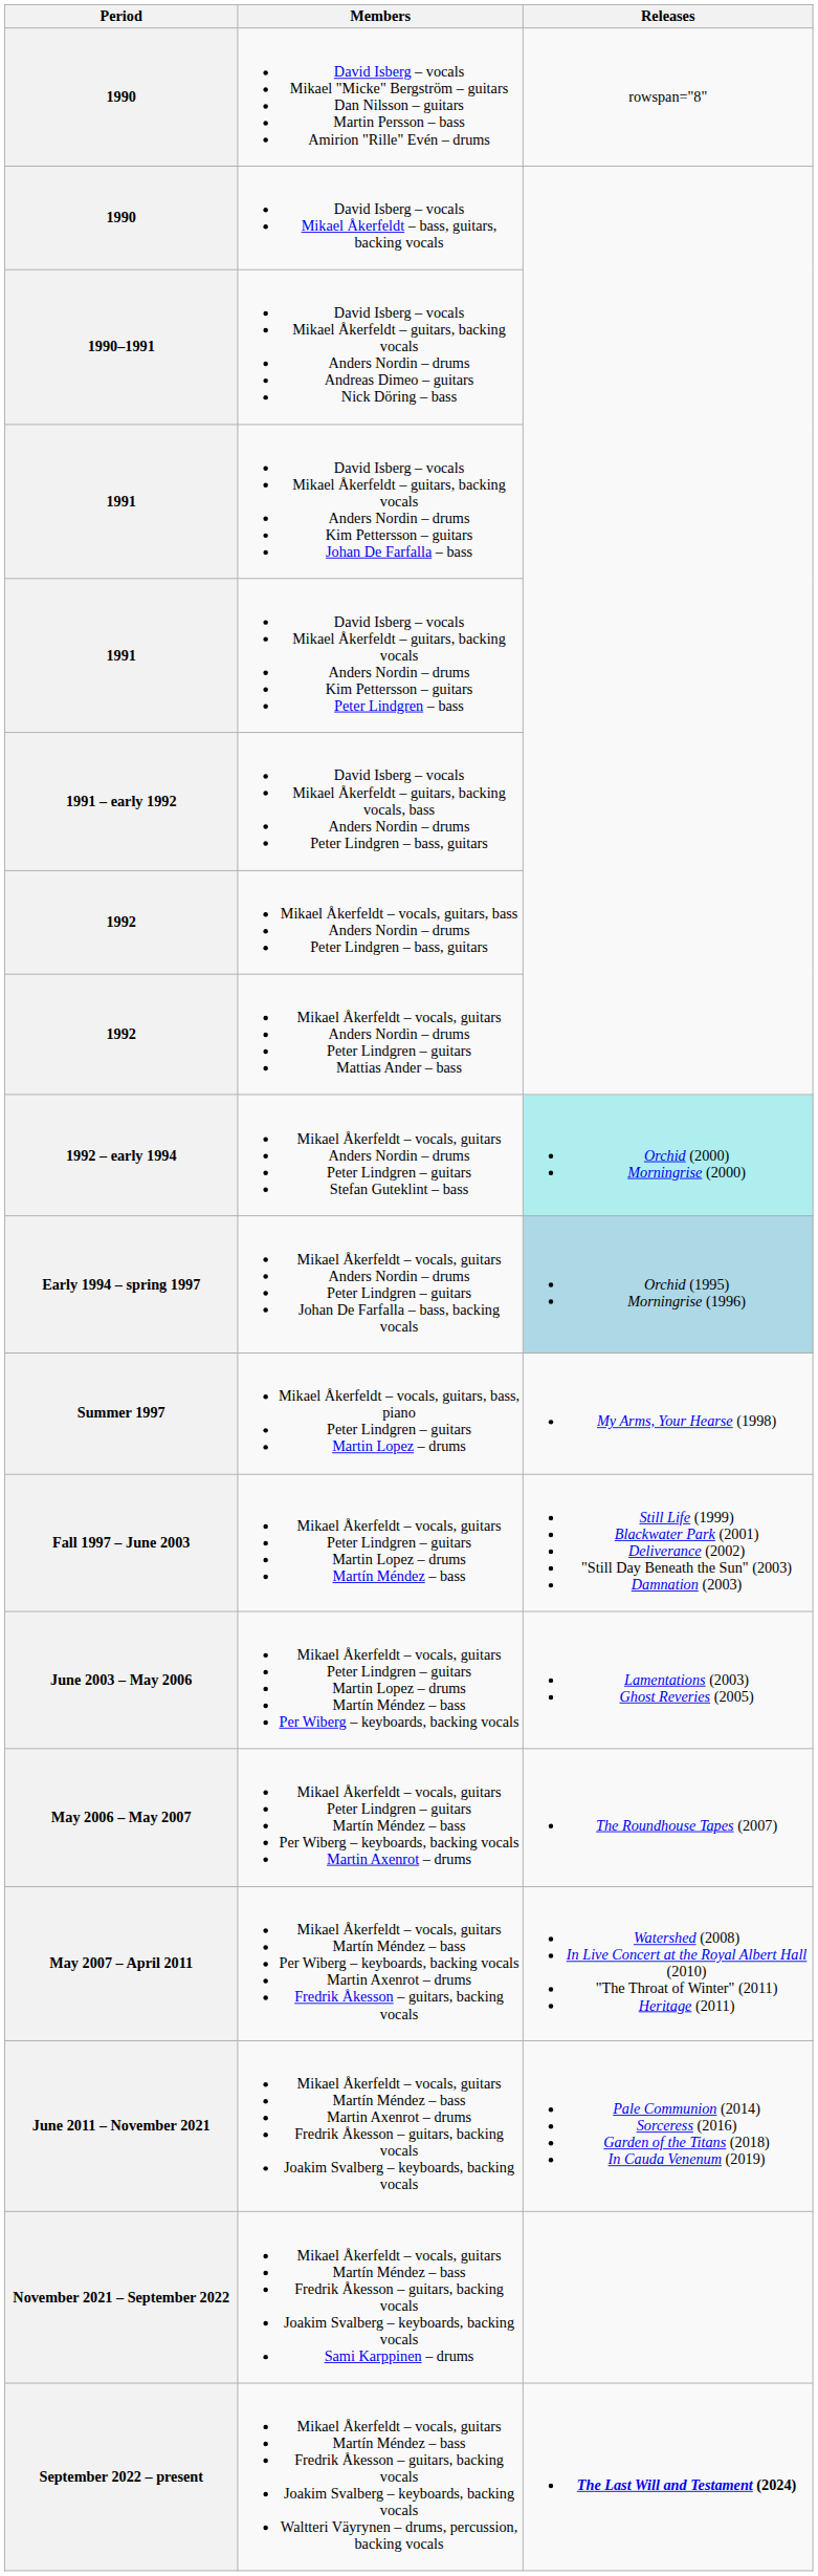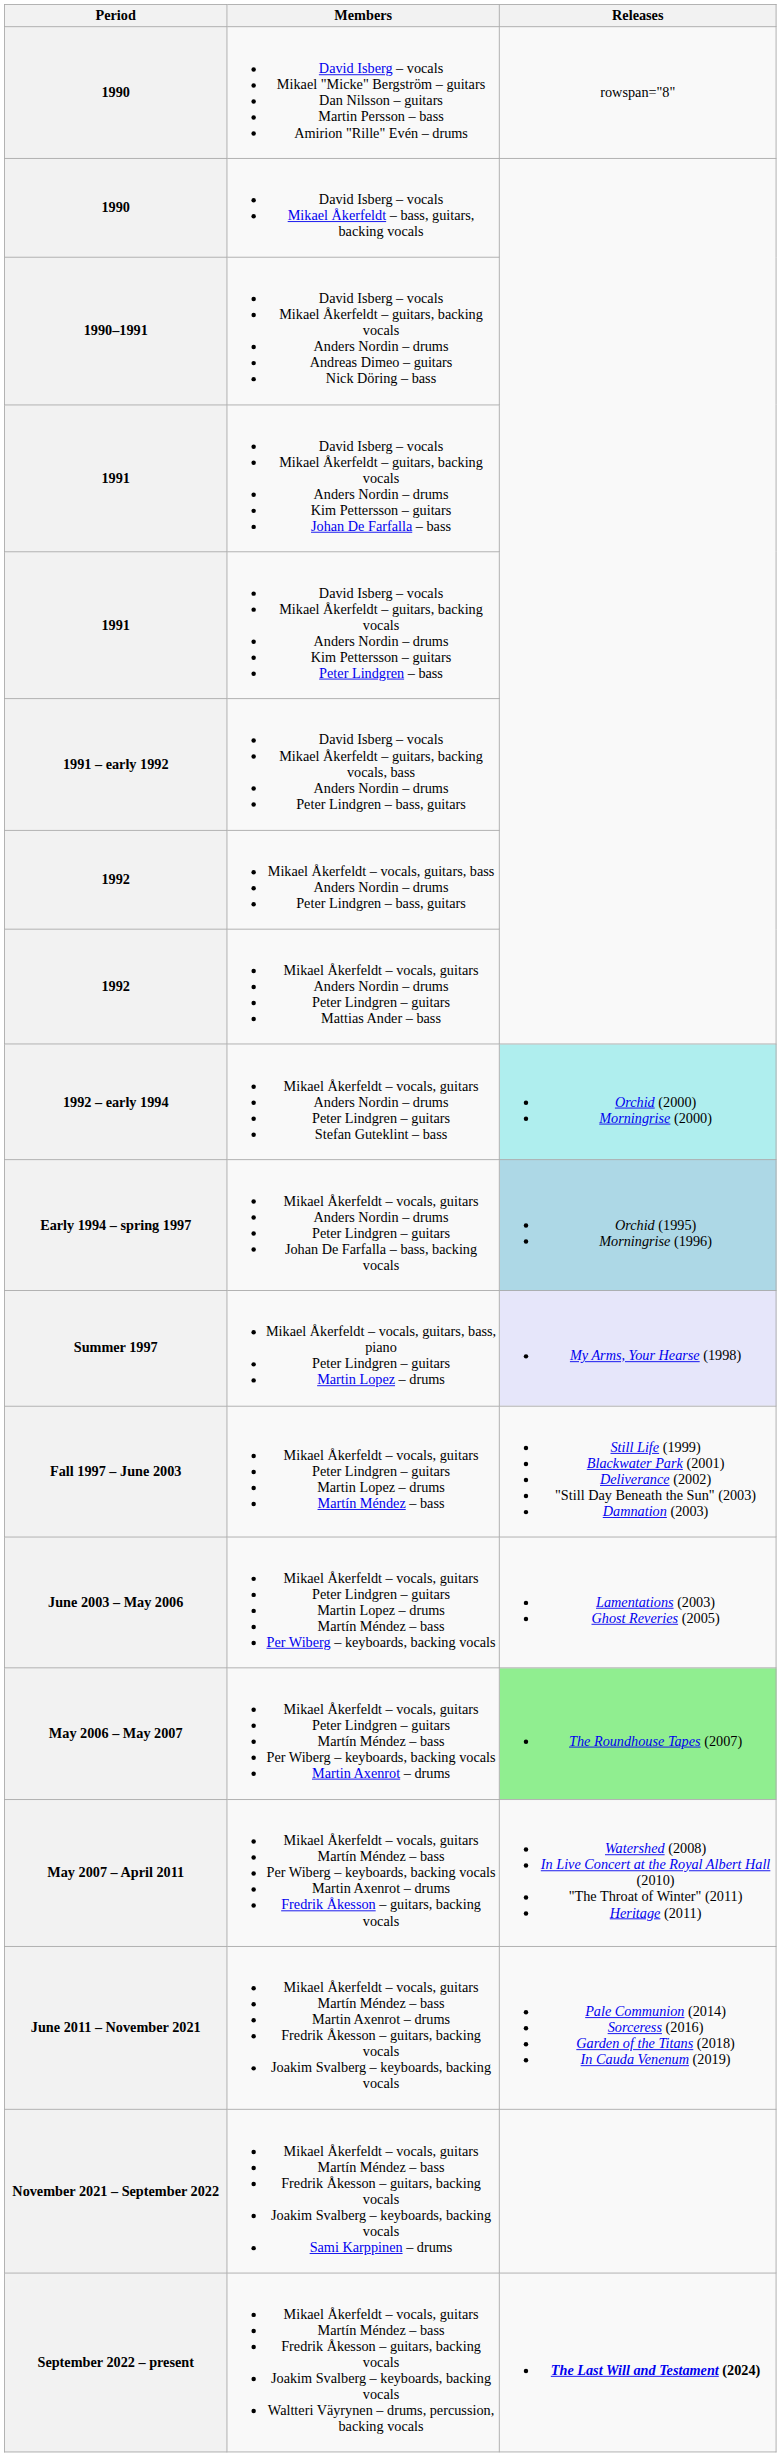 <table class="wikitable plainrowheaders" style="text-align:center;">
 <tr>
 <th scope="col" style="width:20em;">Period</th>
 <th scope="col" style="width:24em;">Members</th>
 <th scope="col" style="width:24em;">Releases</th>
 </tr>
 <tr>
 <th scope="col">1990</th>
 <td><br><ul><li><a href='#'>David Isberg</a> – vocals</li><li>Mikael "Micke" Bergström – guitars</li><li>Dan Nilsson – guitars</li><li>Martin Persson – bass</li><li>Amirion "Rille" Evén – drums</li></ul></td>
 <td>rowspan="8" </td>
 </tr>
 <tr>
 <th scope="col">1990</th>
 <td><br><ul><li>David Isberg – vocals</li><li><a href='#'>Mikael Åkerfeldt</a> – bass, guitars, backing vocals</li></ul></td>
 </tr>
 <tr>
 <th scope="col">1990–1991</th>
 <td><br><ul><li>David Isberg – vocals</li><li>Mikael Åkerfeldt – guitars, backing vocals</li><li>Anders Nordin – drums</li><li>Andreas Dimeo – guitars</li><li>Nick Döring – bass</li></ul></td>
 </tr>
 <tr>
 <th scope="col">1991</th>
 <td><br><ul><li>David Isberg – vocals</li><li>Mikael Åkerfeldt – guitars, backing vocals</li><li>Anders Nordin – drums</li><li>Kim Pettersson – guitars</li><li><a href='#'>Johan De Farfalla</a> – bass</li></ul></td>
 </tr>
 <tr>
 <th scope="col">1991</th>
 <td><br><ul><li>David Isberg – vocals</li><li>Mikael Åkerfeldt – guitars, backing vocals</li><li>Anders Nordin – drums</li><li>Kim Pettersson – guitars</li><li><a href='#'>Peter Lindgren</a> – bass</li></ul></td>
 </tr>
 <tr>
 <th scope="col">1991 – early 1992</th>
 <td><br><ul><li>David Isberg – vocals</li><li>Mikael Åkerfeldt – guitars, backing vocals, bass</li><li>Anders Nordin – drums</li><li>Peter Lindgren – bass, guitars</li></ul></td>
 </tr>
 <tr>
 <th scope="col">1992</th>
 <td><br><ul><li>Mikael Åkerfeldt – vocals, guitars, bass</li><li>Anders Nordin – drums</li><li>Peter Lindgren – bass, guitars</li></ul></td>
 </tr>
 <tr>
 <th scope="col">1992</th>
 <td><br><ul><li>Mikael Åkerfeldt – vocals, guitars</li><li>Anders Nordin – drums</li><li>Peter Lindgren – guitars</li><li>Mattias Ander – bass</li></ul></td>
 </tr>
 <tr>
 <th scope="col">1992 – early 1994</th>
 <td><br><ul><li>Mikael Åkerfeldt – vocals, guitars</li><li>Anders Nordin – drums</li><li>Peter Lindgren – guitars</li><li>Stefan Guteklint – bass</li></ul></td>
 <td style="background: paleturquoise;"><br><ul><li><em><a href='#'>Orchid</a></em> (2000) </li><li><em><a href='#'>Morningrise</a></em> (2000) </li></ul></td>
 </tr>
 <tr>
 <th scope="col">Early 1994 – spring 1997</th>
 <td><br><ul><li>Mikael Åkerfeldt – vocals, guitars</li><li>Anders Nordin – drums</li><li>Peter Lindgren – guitars</li><li>Johan De Farfalla – bass, backing vocals</li></ul></td>
 <td style="background: lightblue;"><br><ul><li><em>Orchid</em> (1995)</li><li><em>Morningrise</em> (1996)</li></ul></td>
 </tr>
 <tr>
 <th scope="col">Summer 1997</th>
 <td><br><ul><li>Mikael Åkerfeldt – vocals, guitars, bass, piano</li><li>Peter Lindgren – guitars</li><li><a href='#'>Martin Lopez</a> – drums</li></ul></td>
-<td><br><ul><li><em><a href='#'>My Arms, Your Hearse</a></em> (1998)</li></ul></td>
+<td style="background: lavender;"><br><ul><li><em><a href='#'>My Arms, Your Hearse</a></em> (1998)</li></ul></td>
 </tr>
 <tr>
 <th scope="col">Fall 1997 – June 2003</th>
 <td><br><ul><li>Mikael Åkerfeldt – vocals, guitars</li><li>Peter Lindgren – guitars</li><li>Martin Lopez – drums</li><li><a href='#'>Martín Méndez</a> – bass</li></ul></td>
 <td><br><ul><li><em><a href='#'>Still Life</a></em> (1999)</li><li><em><a href='#'>Blackwater Park</a></em> (2001)</li><li><em><a href='#'>Deliverance</a></em> (2002)</li><li>"Still Day Beneath the Sun" (2003)</li><li><em><a href='#'>Damnation</a></em> (2003)</li></ul></td>
 </tr>
 <tr>
 <th scope="col">June 2003 – May 2006</th>
 <td><br><ul><li>Mikael Åkerfeldt – vocals, guitars</li><li>Peter Lindgren – guitars</li><li>Martin Lopez – drums</li><li>Martín Méndez – bass</li><li><a href='#'>Per Wiberg</a> – keyboards, backing vocals<br></li></ul></td>
 <td><br><ul><li><em><a href='#'>Lamentations</a></em> (2003)</li><li><em><a href='#'>Ghost Reveries</a></em> (2005)</li></ul></td>
 </tr>
 <tr>
 <th scope="col">May 2006 – May 2007</th>
 <td><br><ul><li>Mikael Åkerfeldt – vocals, guitars</li><li>Peter Lindgren – guitars</li><li>Martín Méndez – bass</li><li>Per Wiberg – keyboards, backing vocals</li><li><a href='#'>Martin Axenrot</a> – drums<br></li></ul></td>
-<td><br><ul><li><em><a href='#'>The Roundhouse Tapes</a></em> (2007)</li></ul></td>
+<td style="background: lightgreen;"><br><ul><li><em><a href='#'>The Roundhouse Tapes</a></em> (2007)</li></ul></td>
 </tr>
 <tr>
 <th scope="col">May 2007 – April 2011</th>
 <td><br><ul><li>Mikael Åkerfeldt – vocals, guitars</li><li>Martín Méndez – bass</li><li>Per Wiberg – keyboards, backing vocals</li><li>Martin Axenrot – drums</li><li><a href='#'>Fredrik Åkesson</a> – guitars, backing vocals</li></ul></td>
 <td><br><ul><li><em><a href='#'>Watershed</a></em> (2008)</li><li><em><a href='#'>In Live Concert at the Royal Albert Hall</a></em> (2010)</li><li>"The Throat of Winter" (2011)</li><li><em><a href='#'>Heritage</a></em> (2011)</li></ul></td>
 </tr>
 <tr>
 <th scope="col">June 2011 – November 2021</th>
 <td><br><ul><li>Mikael Åkerfeldt – vocals, guitars</li><li>Martín Méndez – bass</li><li>Martin Axenrot – drums</li><li>Fredrik Åkesson – guitars, backing vocals</li><li>Joakim Svalberg – keyboards, backing vocals</li></ul></td>
 <td><br><ul><li><em><a href='#'>Pale Communion</a></em> (2014)</li><li><em><a href='#'>Sorceress</a></em> (2016)</li><li><em><a href='#'>Garden of the Titans</a></em> (2018)</li><li><em><a href='#'>In Cauda Venenum</a></em> (2019)</li></ul></td>
 </tr>
 <tr>
 <th scope="col">November 2021 – September 2022</th>
 <td><br><ul><li>Mikael Åkerfeldt – vocals, guitars</li><li>Martín Méndez – bass</li><li>Fredrik Åkesson – guitars, backing vocals</li><li>Joakim Svalberg – keyboards, backing vocals</li><li><a href='#'>Sami Karppinen</a> – drums </li></ul></td>
 <td></td>
 </tr>
 <tr>
 <th scope="col">September 2022 – present</th>
 <td><br><ul><li>Mikael Åkerfeldt – vocals, guitars</li><li>Martín Méndez – bass</li><li>Fredrik Åkesson – guitars, backing vocals</li><li>Joakim Svalberg – keyboards, backing vocals</li><li>Waltteri Väyrynen – drums, percussion, backing vocals</li></ul></td>
 <td><strong><br><ul><li><em><a href='#'>The Last Will and Testament</a></em> (2024)</li></ul></strong></td>
 </tr>
 </table>
